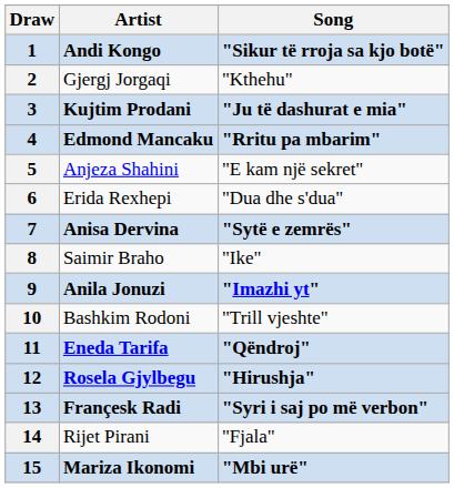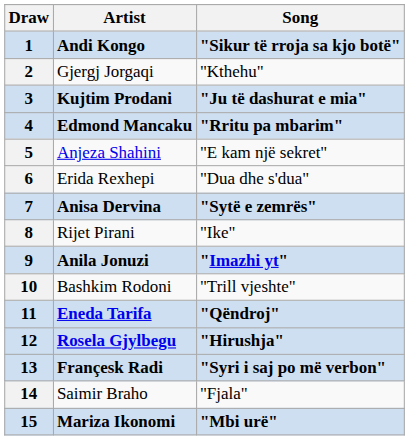 <table class="sortable wikitable plainrowheaders" style="margin: 1em auto 1em auto;">
 <tr>
 </tr>
 <tr>
 <th scope="col">Draw</th>
 <th scope="col">Artist</th>
 <th scope="col">Song</th>
 </tr>
 <tr style="font-weight:bold; background:#CEDFF2;">
 <th scope="row" style="text-align:center; font-weight:bold; background:#CEDFF2;">1</th>
 <td>Andi Kongo</td>
 <td>"Sikur të rroja sa kjo botë"</td>
 </tr>
 <tr>
 <th scope="row" style="text-align:center;">2</th>
 <td>Gjergj Jorgaqi</td>
 <td>"Kthehu"</td>
 </tr>
 <tr style="font-weight:bold; background:#CEDFF2;">
 <th scope="row" style="text-align:center; font-weight:bold; background:#CEDFF2;">3</th>
 <td>Kujtim Prodani</td>
 <td>"Ju të dashurat e mia"</td>
 </tr>
 <tr style="font-weight:bold; background:#CEDFF2;">
 <th scope="row" style="text-align:center; font-weight:bold; background:#CEDFF2;">4</th>
 <td>Edmond Mancaku</td>
 <td>"Rritu pa mbarim"</td>
 </tr>
 <tr>
 <th scope="row" style="text-align:center;">5</th>
 <td><a href='#'>Anjeza Shahini</a></td>
 <td>"E kam një sekret"</td>
 </tr>
 <tr>
 <th scope="row" style="text-align:center;">6</th>
 <td>Erida Rexhepi</td>
 <td>"Dua dhe s'dua"</td>
 </tr>
 <tr style="font-weight:bold; background:#CEDFF2;">
 <th scope="row" style="text-align:center; font-weight:bold; background:#CEDFF2;">7</th>
 <td>Anisa Dervina</td>
 <td>"Sytë e zemrës"</td>
 </tr>
 <tr>
 <th scope="row" style="text-align:center;">8</th>
-<td>Saimir Braho</td>
+<td>Rijet Pirani</td>
 <td>"Ike"</td>
 </tr>
 <tr style="font-weight:bold; background:#CEDFF2;">
 <th scope="row" style="text-align:center; font-weight:bold; background:#CEDFF2;">9</th>
 <td>Anila Jonuzi</td>
 <td>"<a href='#'>Imazhi yt</a>"</td>
 </tr>
 <tr>
 <th scope="row" style="text-align:center;">10</th>
 <td>Bashkim Rodoni</td>
 <td>"Trill vjeshte"</td>
 </tr>
 <tr style="font-weight:bold; background:#CEDFF2;">
 <th scope="row" style="text-align:center; font-weight:bold; background:#CEDFF2;">11</th>
 <td><a href='#'>Eneda Tarifa</a></td>
 <td>"Qëndroj"</td>
 </tr>
 <tr style="font-weight:bold; background:#CEDFF2;">
 <th scope="row" style="text-align:center; font-weight:bold; background:#CEDFF2;">12</th>
 <td><a href='#'>Rosela Gjylbegu</a></td>
 <td>"Hirushja"</td>
 </tr>
 <tr style="font-weight:bold; background:#CEDFF2;">
 <th scope="row" style="text-align:center; font-weight:bold; background:#CEDFF2;">13</th>
 <td>Françesk Radi</td>
 <td>"Syri i saj po më verbon"</td>
 </tr>
 <tr>
 <th scope="row" style="text-align:center;">14</th>
-<td>Rijet Pirani</td>
+<td>Saimir Braho</td>
 <td>"Fjala"</td>
 </tr>
 <tr style="font-weight:bold; background:#CEDFF2;">
 <th scope="row" style="text-align:center; font-weight:bold; background:#CEDFF2;">15</th>
 <td>Mariza Ikonomi</td>
 <td>"Mbi urë"</td>
 </tr>
 </table>
